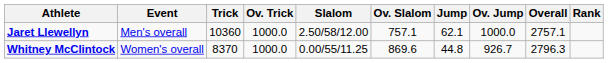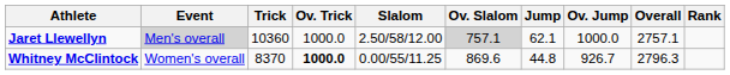 <table class="wikitable" style="font-size:90%">
 <tr>
 <th>Athlete</th>
 <th>Event</th>
 <th>Trick</th>
 <th>Ov. Trick</th>
 <th>Slalom</th>
 <th>Ov. Slalom</th>
 <th>Jump</th>
 <th>Ov. Jump</th>
 <th>Overall</th>
 <th>Rank</th>
 </tr>
 <tr align=center>
 <td align=left><strong><a href='#'>Jaret Llewellyn</a></strong></td>
-<td align=left><a href='#'>Men's overall</a></td>
+<td align=left style="background: lightgrey;"><a href='#'>Men's overall</a></td>
 <td>10360</td>
 <td>1000.0</td>
 <td>2.50/58/12.00</td>
-<td>757.1</td>
+<td style="background: lightgrey;">757.1</td>
 <td>62.1</td>
 <td>1000.0</td>
 <td>2757.1</td>
 <td></td>
 </tr>
 <tr align=center>
 <td align=left><strong><a href='#'>Whitney McClintock</a></strong></td>
 <td align=left><a href='#'>Women's overall</a></td>
 <td>8370</td>
-<td>1000.0</td>
+<td><strong>1000.0</strong></td>
 <td>0.00/55/11.25</td>
 <td>869.6</td>
 <td>44.8</td>
 <td>926.7</td>
 <td>2796.3</td>
 <td></td>
 </tr>
 </table>
